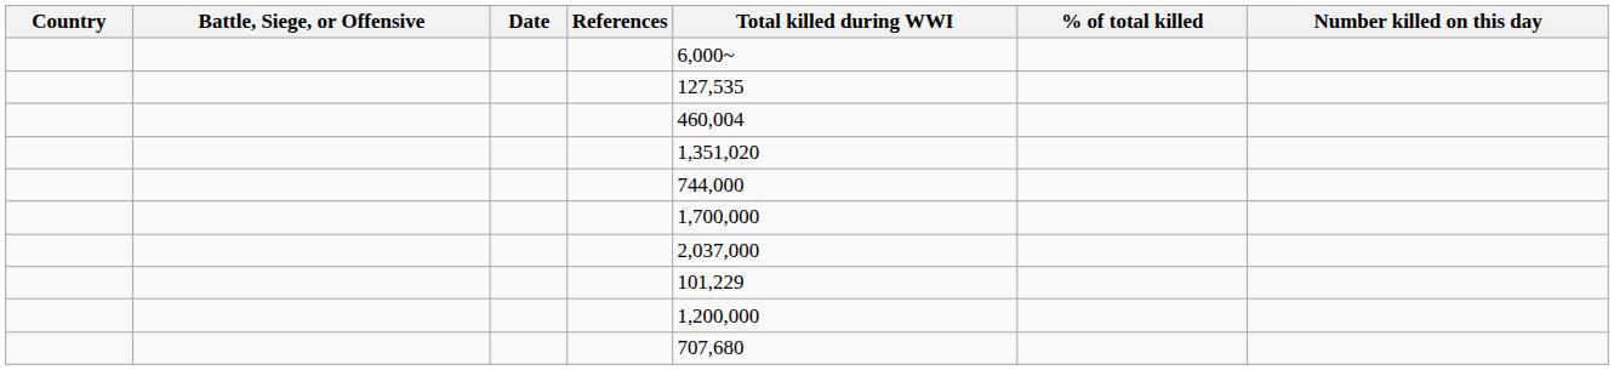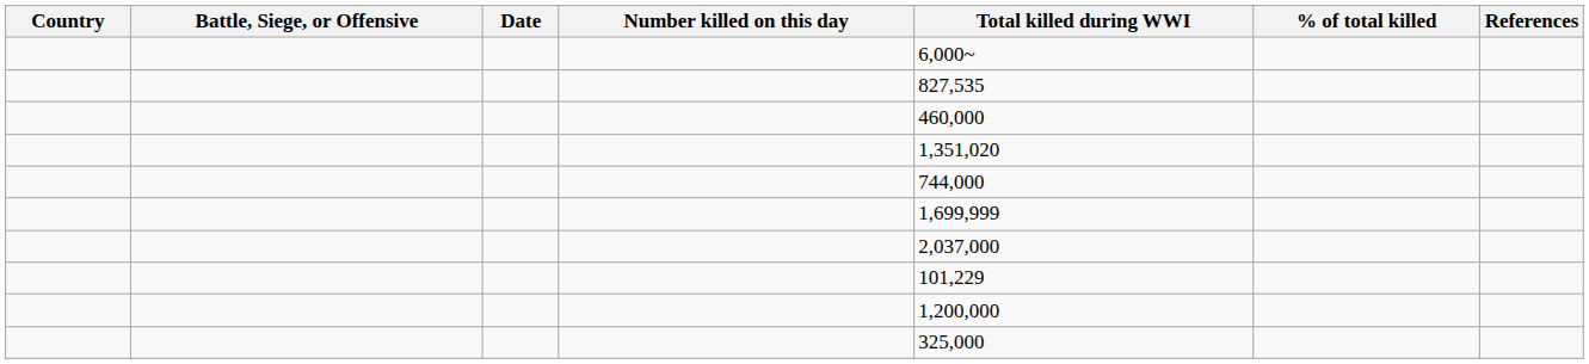 <table class="wikitable sortable">
 <tr>
 <th>Country</th>
 <th>Battle, Siege, or Offensive</th>
 <th>Date</th>
-<th style="width:5%;" class="unsortable">References</th>
+<th data-sort-type="number">Number killed on this day</th>
 <th data-sort-type="number">Total killed during WWI</th>
 <th data-sort-type="number">% of total killed</th>
-<th data-sort-type="number">Number killed on this day</th>
+<th style="width:5%;" class="unsortable">References</th>
 </tr>
 <tr>
 <td></td>
 <td></td>
 <td></td>
 <td></td>
 <td>6,000~ </td>
 <td></td>
 <td></td>
 </tr>
 <tr>
 <td></td>
 <td></td>
 <td></td>
 <td></td>
-<td>127,535  </td>
+<td>827,535  </td>
 <td></td>
 <td></td>
 </tr>
 <tr>
 <td></td>
 <td></td>
 <td></td>
 <td></td>
-<td>460,004 </td>
+<td>460,000 </td>
 <td></td>
 <td></td>
 </tr>
 <tr>
 <td></td>
 <td></td>
 <td></td>
 <td></td>
 <td>1,351,020 </td>
 <td></td>
 <td></td>
 </tr>
 <tr>
 <td></td>
 <td></td>
 <td></td>
 <td></td>
 <td>744,000 </td>
 <td></td>
 <td></td>
 </tr>
 <tr>
 <td></td>
 <td></td>
 <td></td>
 <td></td>
-<td>1,700,000 </td>
+<td>1,699,999 </td>
 <td></td>
 <td></td>
 </tr>
 <tr>
 <td></td>
 <td></td>
 <td></td>
 <td></td>
 <td>2,037,000 </td>
 <td></td>
 <td></td>
 </tr>
 <tr>
 <td></td>
 <td></td>
 <td></td>
 <td></td>
 <td>101,229  </td>
 <td></td>
 <td></td>
 </tr>
 <tr>
 <td></td>
 <td></td>
 <td></td>
 <td></td>
 <td>1,200,000 </td>
 <td></td>
 <td></td>
 </tr>
 <tr>
 <td></td>
 <td></td>
 <td></td>
 <td></td>
-<td>707,680  </td>
+<td>325,000  </td>
 <td></td>
 <td></td>
 </tr>
 </table>
